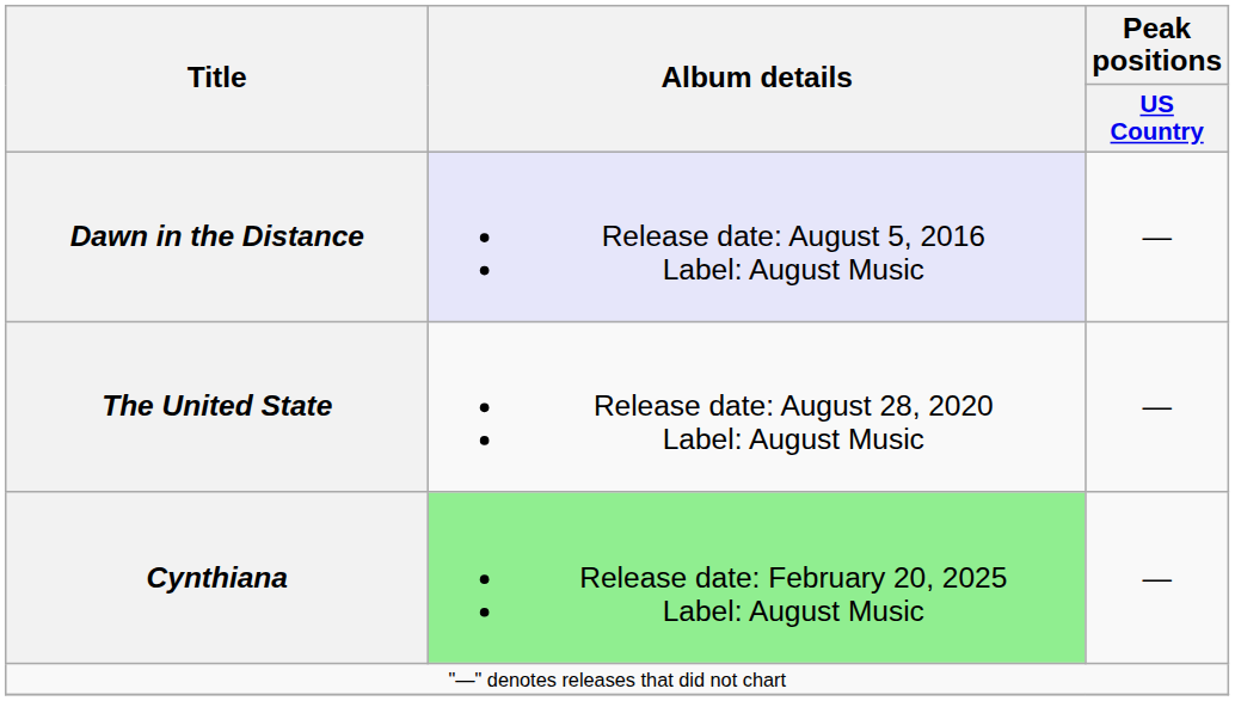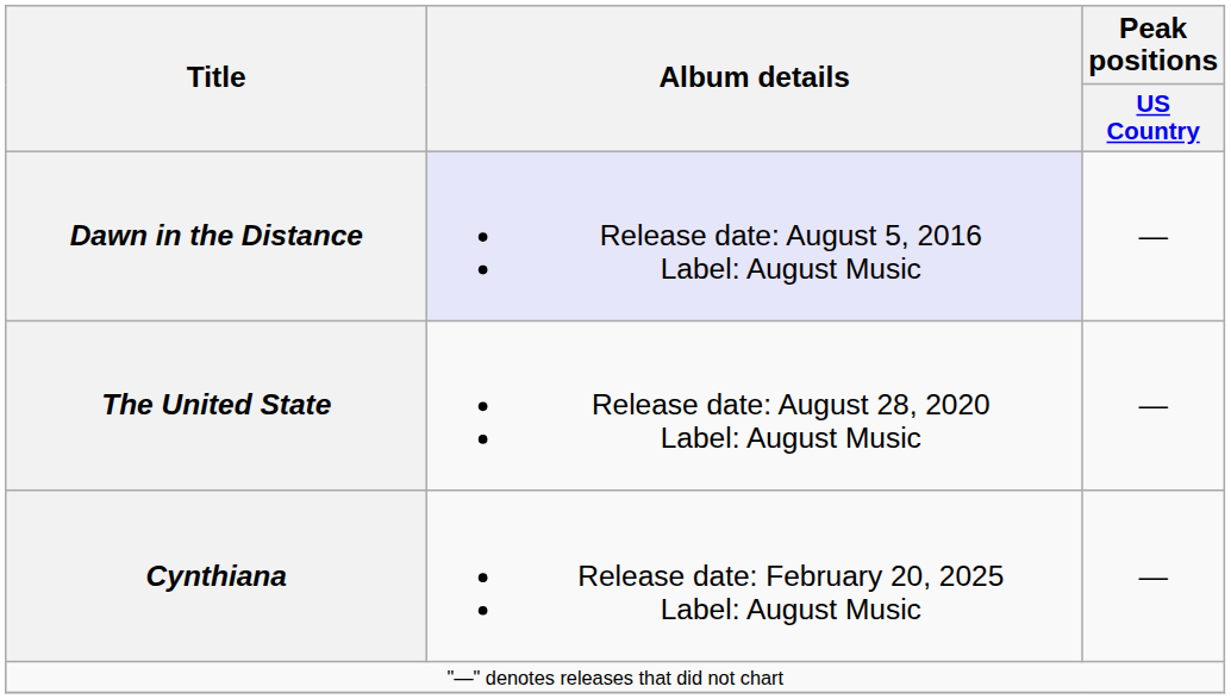 <table class="wikitable plainrowheaders" style="text-align:center;">
 <tr>
 <th rowspan="2" style="width:14em;">Title</th>
 <th rowspan="2" style="width:22em;">Album details</th>
 <th colspan="2">Peak positions</th>
 </tr>
 <tr style="font-size:smaller;">
 <th width="65"><a href='#'>US Country</a></th>
 </tr>
 <tr>
 <th scope="row"><em>Dawn in the Distance</em></th>
 <td style="background: lavender;"><br><ul><li>Release date: August 5, 2016</li><li>Label: August Music</li></ul></td>
 <td>—</td>
 </tr>
 <tr>
 <th scope="row"><em>The United State</em></th>
 <td><br><ul><li>Release date: August 28, 2020</li><li>Label: August Music</li></ul></td>
 <td>—</td>
 </tr>
 <tr>
 <th scope="row"><em>Cynthiana</em></th>
-<td style="background: lightgreen;"><br><ul><li>Release date: February 20, 2025</li><li>Label: August Music</li></ul></td>
+<td><br><ul><li>Release date: February 20, 2025</li><li>Label: August Music</li></ul></td>
 <td>—</td>
 </tr>
 <tr>
 <td colspan="3" style="font-size:8pt">"—" denotes releases that did not chart</td>
 </tr>
 <tr>
 </tr>
 </table>
